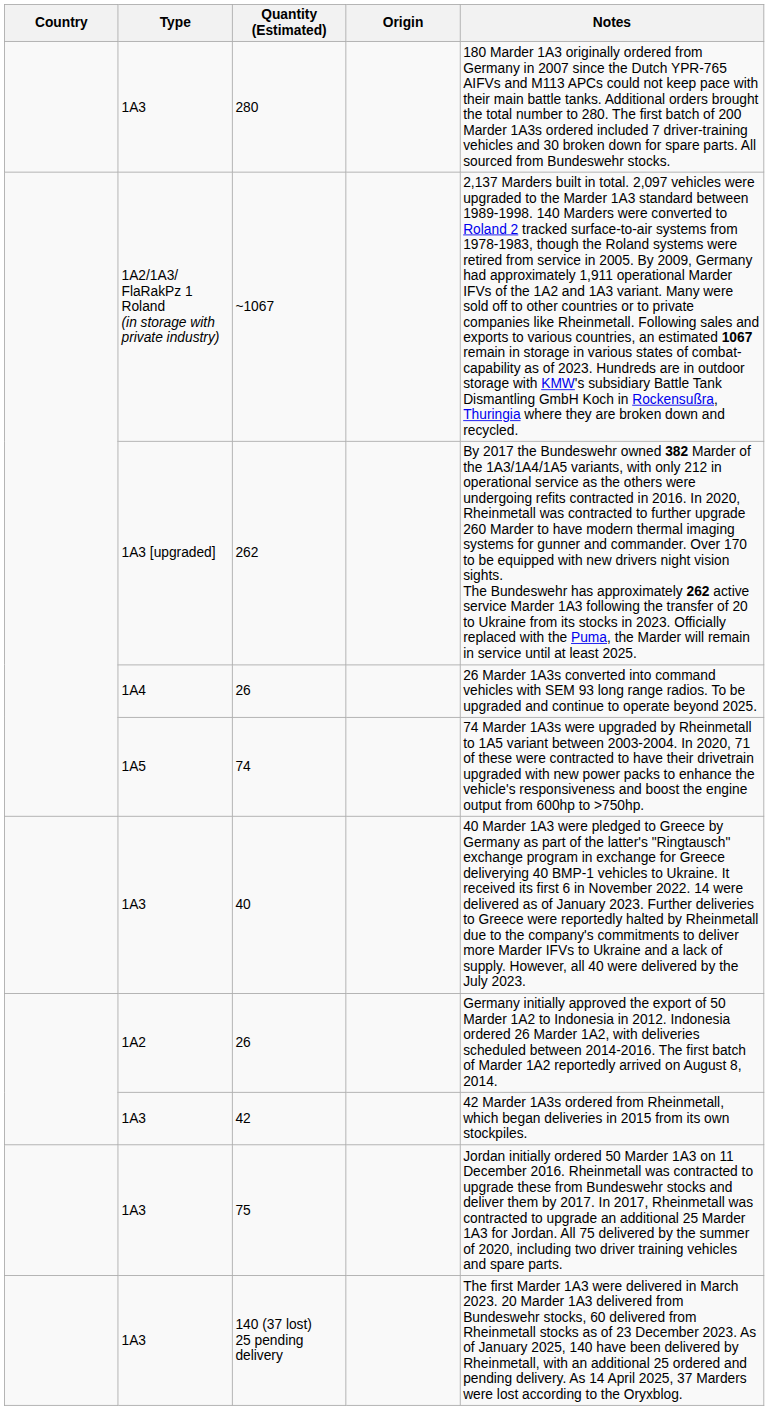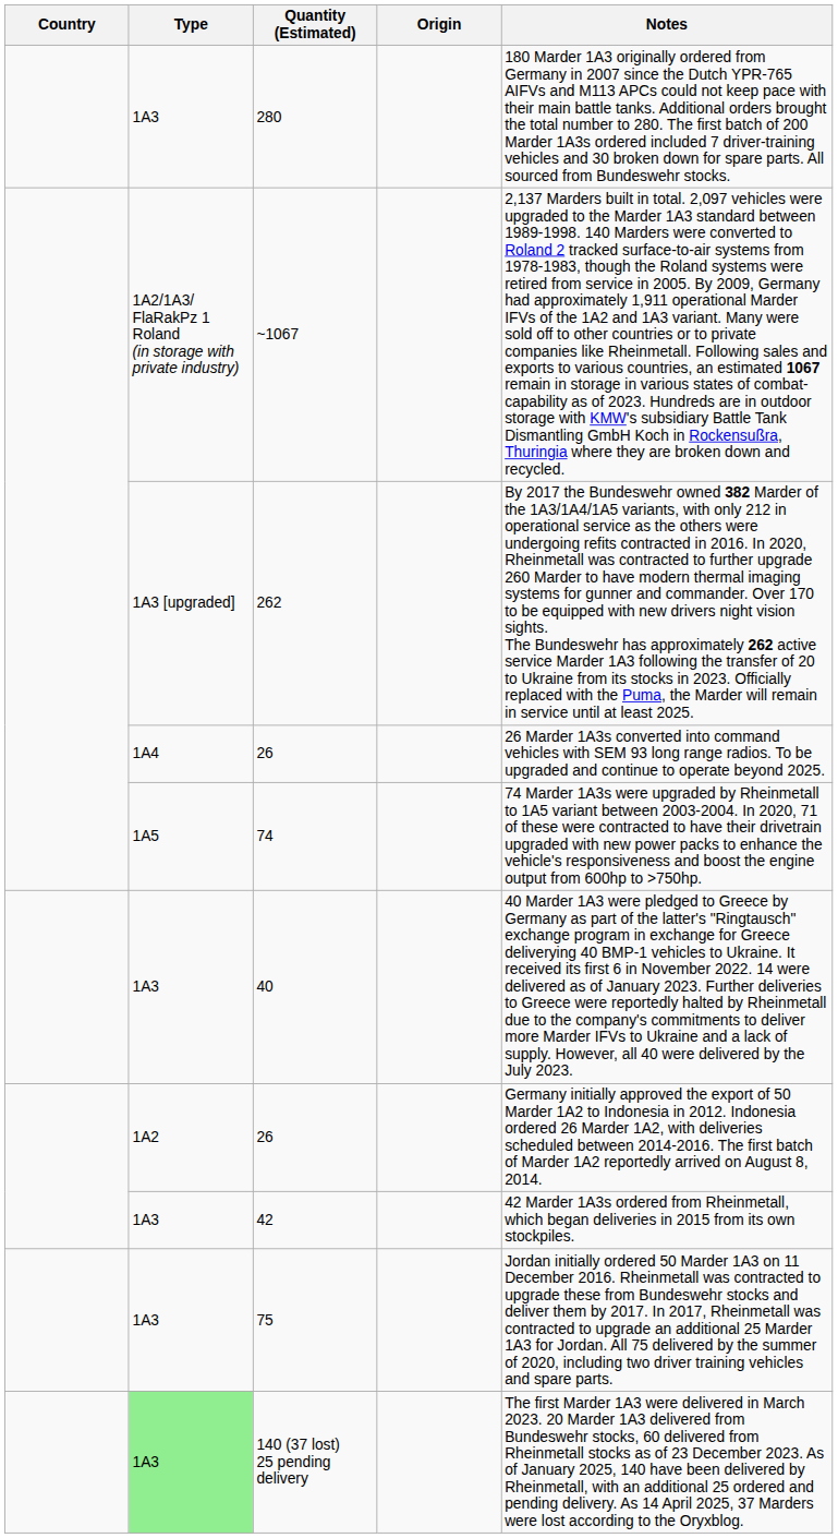 <table class="wikitable" Width="100%">
 <tr>
 <th width="15%">Country</th>
 <th width="15%">Type</th>
 <th width="15%">Quantity (Estimated)</th>
 <th width="15%">Origin</th>
 <th>Notes</th>
 </tr>
 <tr>
 <td rowspan="1" valign="top"></td>
 <td>1A3</td>
 <td>280</td>
 <td></td>
 <td>180 Marder 1A3 originally ordered from Germany in 2007 since the Dutch YPR-765 AIFVs and M113 APCs could not keep pace with their main battle tanks. Additional orders brought the total number to 280. The first batch of 200 Marder 1A3s ordered included 7 driver-training vehicles and 30 broken down for spare parts. All sourced from Bundeswehr stocks.</td>
 </tr>
 <tr>
 <td rowspan="4" valign="top"></td>
 <td>1A2/1A3/<br>FlaRakPz 1 Roland<br><em>(in storage with private industry)</em></td>
 <td>~1067<br></td>
 <td><br></td>
 <td>2,137 Marders built in total. 2,097 vehicles were upgraded to the Marder 1A3 standard between 1989-1998. 140 Marders were converted to <a href='#'>Roland 2</a> tracked surface-to-air systems from 1978-1983, though the Roland systems were retired from service in 2005. By 2009, Germany had approximately 1,911 operational Marder IFVs of the 1A2 and 1A3 variant. Many were sold off to other countries or to private companies like Rheinmetall. Following sales and exports to various countries, an estimated <strong>1067</strong> remain in storage in various states of combat-capability as of 2023. Hundreds are in outdoor storage with <a href='#'>KMW</a>'s subsidiary Battle Tank Dismantling GmbH Koch in <a href='#'>Rockensußra</a>, <a href='#'>Thuringia</a> where they are broken down and recycled.</td>
 </tr>
 <tr>
 <td>1A3 [upgraded]</td>
 <td>262</td>
 <td></td>
 <td>By 2017 the Bundeswehr owned <strong>382</strong> Marder of the 1A3/1A4/1A5 variants, with only 212 in operational service as the others were undergoing refits contracted in 2016. In 2020, Rheinmetall was contracted to further upgrade 260 Marder to have modern thermal imaging systems for gunner and commander. Over 170 to be equipped with new drivers night vision sights.<br>The Bundeswehr has approximately <strong>262</strong> active service Marder 1A3 following the transfer of 20 to Ukraine from its stocks in 2023. Officially replaced with the <a href='#'>Puma</a>, the Marder will remain in service until at least 2025.</td>
 </tr>
 <tr>
 <td>1A4</td>
 <td>26</td>
 <td></td>
 <td>26 Marder 1A3s converted into command vehicles with SEM 93 long range radios. To be upgraded and continue to operate beyond 2025.</td>
 </tr>
 <tr>
 <td>1A5</td>
 <td>74</td>
 <td></td>
 <td>74 Marder 1A3s were upgraded by Rheinmetall to 1A5 variant between 2003-2004. In 2020, 71 of these were contracted to have their drivetrain upgraded with new power packs to enhance the vehicle's responsiveness and boost the engine output from 600hp to >750hp.</td>
 </tr>
 <tr>
 <td rowspan="1" valign="top"></td>
 <td>1A3</td>
 <td>40</td>
 <td></td>
 <td>40 Marder 1A3 were pledged to Greece by Germany as part of the latter's "Ringtausch" exchange program in exchange for Greece deliverying 40 BMP-1 vehicles to Ukraine. It received its first 6 in November 2022. 14 were delivered as of January 2023. Further deliveries to Greece were reportedly halted by Rheinmetall due to the company's commitments to deliver more Marder IFVs to Ukraine and a lack of supply. However, all 40 were delivered by the July 2023.</td>
 </tr>
 <tr>
 <td rowspan="2" valign="top"></td>
 <td>1A2</td>
 <td>26</td>
 <td></td>
 <td>Germany initially approved the export of 50 Marder 1A2 to Indonesia in 2012. Indonesia ordered 26 Marder 1A2, with deliveries scheduled between 2014-2016. The first batch of Marder 1A2 reportedly arrived on August 8, 2014.</td>
 </tr>
 <tr>
 <td>1A3</td>
 <td>42</td>
 <td></td>
 <td>42 Marder 1A3s ordered from Rheinmetall, which began deliveries in 2015 from its own stockpiles.</td>
 </tr>
 <tr>
 <td rowspan="1" valign="top"></td>
 <td>1A3</td>
 <td>75</td>
 <td></td>
 <td>Jordan initially ordered 50 Marder 1A3 on 11 December 2016. Rheinmetall was contracted to upgrade these from Bundeswehr stocks and deliver them by 2017. In 2017, Rheinmetall was contracted to upgrade an additional 25 Marder 1A3 for Jordan. All 75 delivered by the summer of 2020, including two driver training vehicles and spare parts.</td>
 </tr>
 <tr>
 <td rowspan="1" valign="top"></td>
-<td>1A3</td>
+<td style="background: lightgreen;">1A3</td>
 <td>140 (37 lost)<br>25 pending delivery</td>
 <td></td>
 <td>The first Marder 1A3 were delivered in March 2023. 20 Marder 1A3 delivered from Bundeswehr stocks, 60 delivered from Rheinmetall stocks as of 23 December 2023. As of January 2025, 140 have been delivered by Rheinmetall, with an additional 25 ordered and pending delivery. As 14 April 2025, 37 Marders were lost according to the Oryxblog.</td>
 </tr>
 </table>
